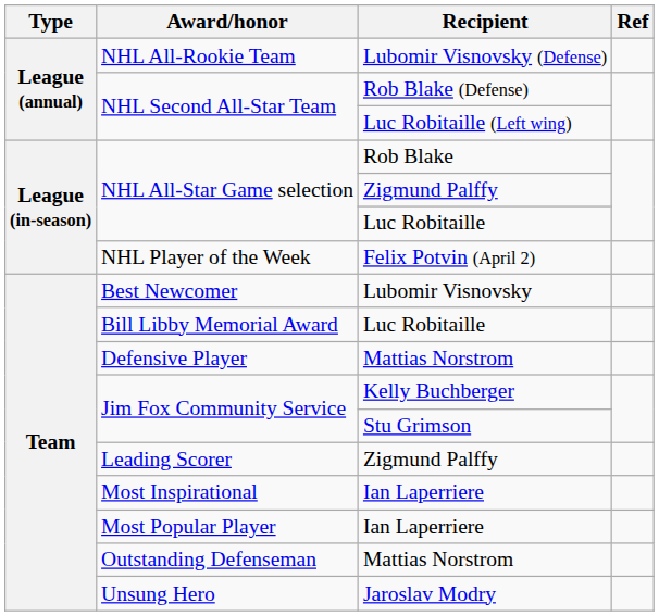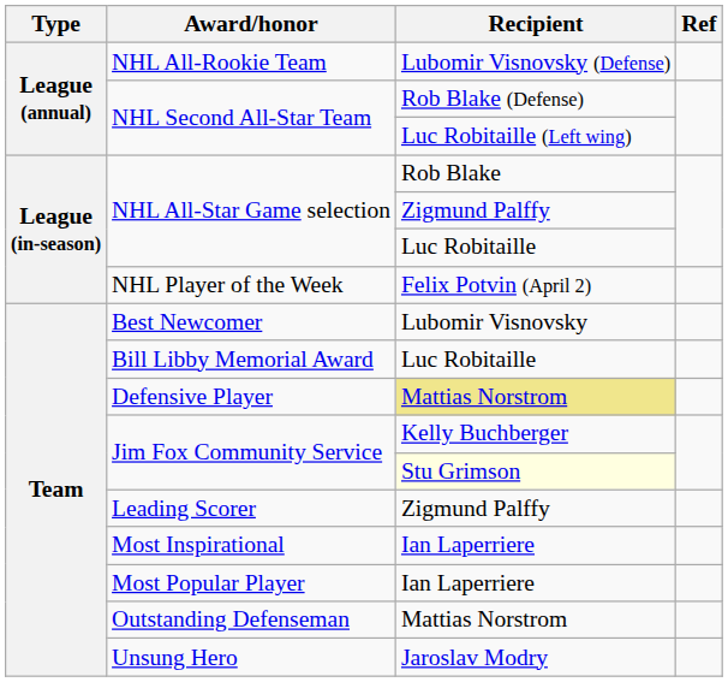 <table class="wikitable">
 <tr>
 <th scope="col">Type</th>
 <th scope="col">Award/honor</th>
 <th scope="col">Recipient</th>
 <th scope="col">Ref</th>
 </tr>
 <tr>
 <th scope="row" rowspan="3">League<br><small>(annual)</small></th>
 <td><a href='#'>NHL All-Rookie Team</a></td>
 <td><a href='#'>Lubomir Visnovsky</a> <small>(<a href='#'>Defense</a>)</small></td>
 <td></td>
 </tr>
 <tr>
 <td rowspan="2"><a href='#'>NHL Second All-Star Team</a></td>
 <td><a href='#'>Rob Blake</a> <small>(Defense)</small></td>
 <td rowspan="2"></td>
 </tr>
 <tr>
 <td><a href='#'>Luc Robitaille</a> <small>(<a href='#'>Left wing</a>)</small></td>
 </tr>
 <tr>
 <th scope="row" rowspan="4">League<br><small>(in-season)</small></th>
 <td rowspan="3"><a href='#'>NHL All-Star Game</a> selection</td>
 <td>Rob Blake</td>
 <td rowspan="3"></td>
 </tr>
 <tr>
 <td><a href='#'>Zigmund Palffy</a></td>
 </tr>
 <tr>
 <td>Luc Robitaille</td>
 </tr>
 <tr>
 <td>NHL Player of the Week</td>
 <td><a href='#'>Felix Potvin</a> <small>(April 2)</small></td>
 <td></td>
 </tr>
 <tr>
 <th scope="row" rowspan="11">Team</th>
 <td><a href='#'>Best Newcomer</a></td>
 <td>Lubomir Visnovsky</td>
 <td></td>
 </tr>
 <tr>
 <td><a href='#'>Bill Libby Memorial Award</a></td>
 <td>Luc Robitaille</td>
 <td></td>
 </tr>
 <tr>
 <td><a href='#'>Defensive Player</a></td>
-<td><a href='#'>Mattias Norstrom</a></td>
+<td style="background: khaki;"><a href='#'>Mattias Norstrom</a></td>
 <td></td>
 </tr>
 <tr>
 <td rowspan="2"><a href='#'>Jim Fox Community Service</a></td>
 <td><a href='#'>Kelly Buchberger</a></td>
 <td rowspan="2"></td>
 </tr>
 <tr>
-<td><a href='#'>Stu Grimson</a></td>
+<td style="background: lightyellow;"><a href='#'>Stu Grimson</a></td>
 </tr>
 <tr>
 <td><a href='#'>Leading Scorer</a></td>
 <td>Zigmund Palffy</td>
 <td></td>
 </tr>
 <tr>
 <td><a href='#'>Most Inspirational</a></td>
 <td><a href='#'>Ian Laperriere</a></td>
 <td></td>
 </tr>
 <tr>
 <td><a href='#'>Most Popular Player</a></td>
 <td>Ian Laperriere</td>
 <td></td>
 </tr>
 <tr>
 <td><a href='#'>Outstanding Defenseman</a></td>
 <td>Mattias Norstrom</td>
 <td></td>
 </tr>
 <tr>
 <td><a href='#'>Unsung Hero</a></td>
 <td><a href='#'>Jaroslav Modry</a></td>
 <td></td>
 </tr>
 </table>
